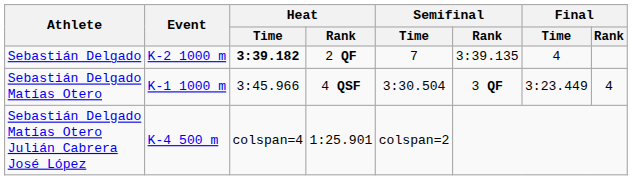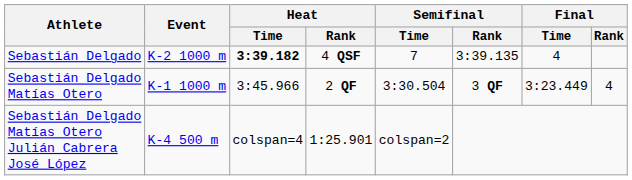 <table class=wikitable style=font-size:90%;text-align:center>
 <tr>
 <th rowspan=2>Athlete</th>
 <th rowspan=2>Event</th>
 <th colspan=2>Heat</th>
 <th colspan=2>Semifinal</th>
 <th colspan=2>Final</th>
 </tr>
 <tr style=font-size:95%>
 <th>Time</th>
 <th>Rank</th>
 <th>Time</th>
 <th>Rank</th>
 <th>Time</th>
 <th>Rank</th>
 </tr>
 <tr>
 <td align=left><a href='#'>Sebastián Delgado</a></td>
 <td align=left><a href='#'>K-2 1000 m</a></td>
 <td><strong>3:39.182</strong></td>
-<td>2 <strong>QF</strong></td>
+<td>4 <strong>QSF</strong></td>
 <td>7</td>
 <td>3:39.135</td>
 <td>4</td>
 </tr>
 <tr>
 <td align=left><a href='#'>Sebastián Delgado</a><br><a href='#'>Matías Otero</a></td>
 <td align=left><a href='#'>K-1 1000 m</a></td>
 <td>3:45.966</td>
-<td>4 <strong>QSF</strong></td>
+<td>2 <strong>QF</strong></td>
 <td>3:30.504</td>
 <td>3 <strong>QF</strong></td>
 <td>3:23.449</td>
 <td>4</td>
 </tr>
 <tr>
 <td align=left><a href='#'>Sebastián Delgado</a><br><a href='#'>Matías Otero</a><br><a href='#'>Julián Cabrera</a><br><a href='#'>José López</a></td>
 <td align=left><a href='#'>K-4 500 m</a></td>
 <td>colspan=4 </td>
 <td>1:25.901</td>
 <td>colspan=2 </td>
 </tr>
 </table>
